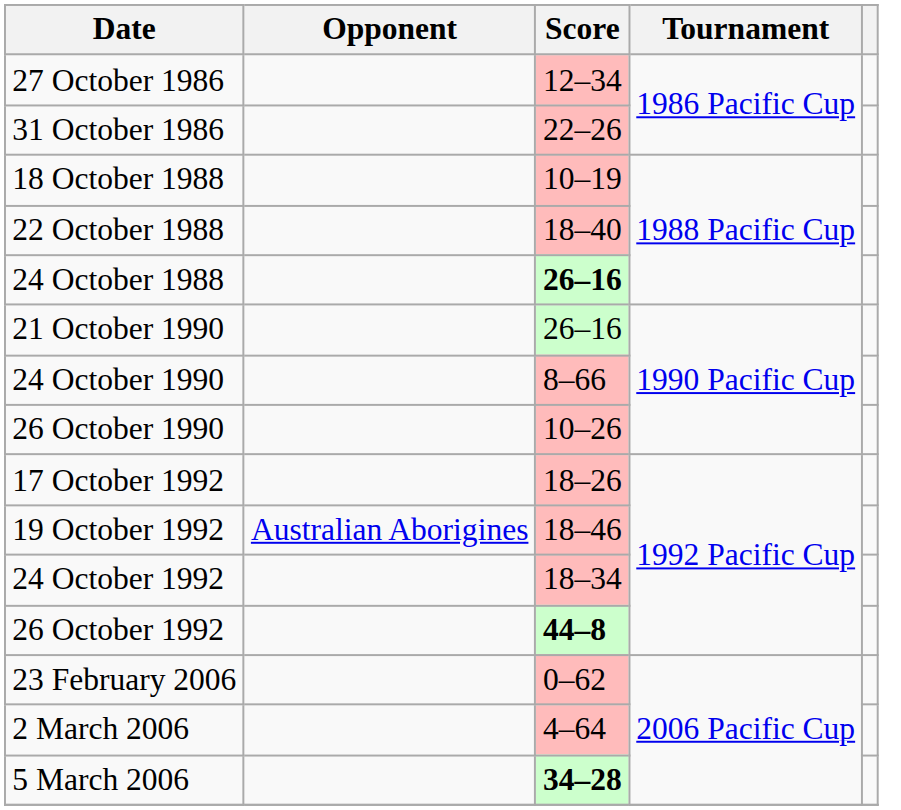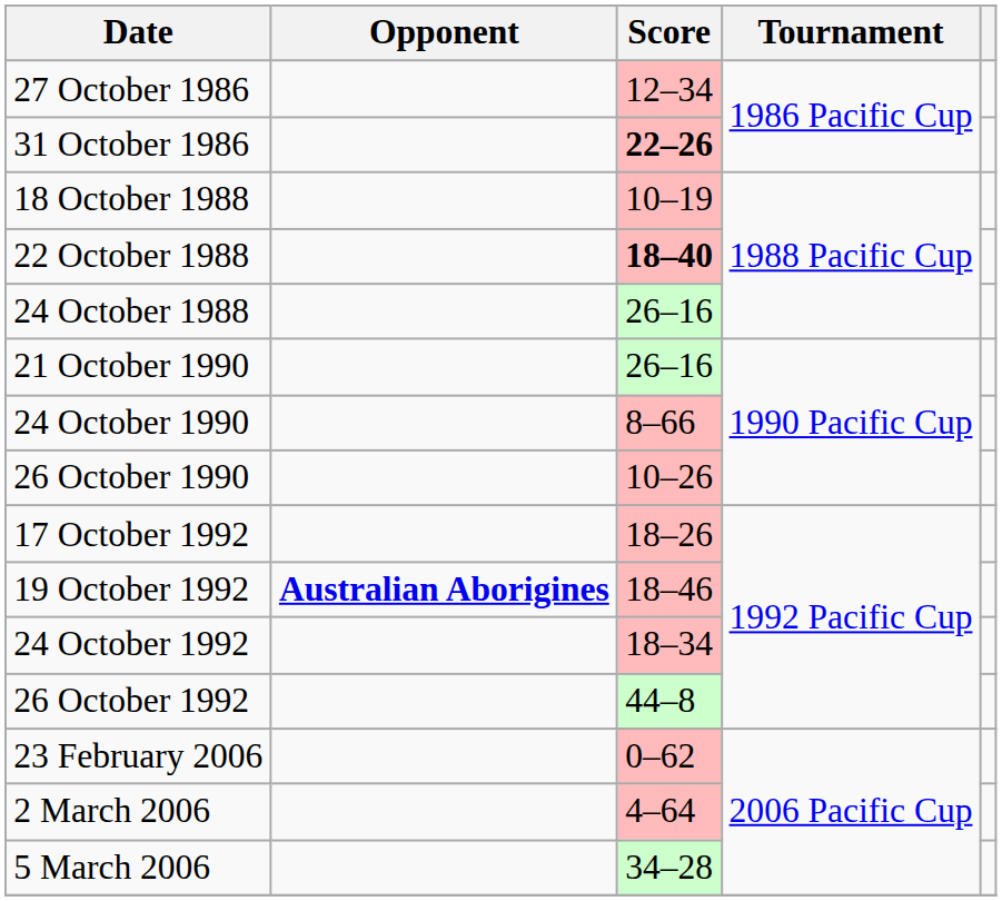 <table class="wikitable defaultcenter col1right col2left">
 <tr>
 <th>Date</th>
 <th>Opponent</th>
 <th>Score</th>
 <th>Tournament</th>
 <th></th>
 </tr>
 <tr>
 <td>27 October 1986</td>
 <td></td>
 <td bgcolor="#FFBBBB">12–34</td>
 <td rowspan=2><a href='#'>1986 Pacific Cup</a></td>
 <td></td>
 </tr>
 <tr>
 <td>31 October 1986</td>
 <td></td>
-<td bgcolor="#FFBBBB">22–26</td>
+<td bgcolor="#FFBBBB"><strong>22–26</strong></td>
 <td></td>
 </tr>
 <tr>
 <td>18 October 1988</td>
 <td></td>
 <td bgcolor="#FFBBBB">10–19</td>
 <td rowspan=3><a href='#'>1988 Pacific Cup</a></td>
 <td></td>
 </tr>
 <tr>
 <td>22 October 1988</td>
 <td></td>
-<td bgcolor="#FFBBBB">18–40</td>
+<td bgcolor="#FFBBBB"><strong>18–40</strong></td>
 <td></td>
 </tr>
 <tr>
 <td>24 October 1988</td>
 <td></td>
-<td bgcolor="#CCFFCC"><strong>26–16</strong></td>
+<td bgcolor="#CCFFCC">26–16</td>
 <td></td>
 </tr>
 <tr>
 <td>21 October 1990</td>
 <td></td>
 <td bgcolor="#CCFFCC">26–16</td>
 <td rowspan=3><a href='#'>1990 Pacific Cup</a></td>
 <td></td>
 </tr>
 <tr>
 <td>24 October 1990</td>
 <td></td>
 <td bgcolor="#FFBBBB">8–66</td>
 <td></td>
 </tr>
 <tr>
 <td>26 October 1990</td>
 <td></td>
 <td bgcolor="#FFBBBB">10–26</td>
 <td></td>
 </tr>
 <tr>
 <td>17 October 1992</td>
 <td></td>
 <td bgcolor="#FFBBBB">18–26</td>
 <td rowspan=4><a href='#'>1992 Pacific Cup</a></td>
 <td></td>
 </tr>
 <tr>
 <td>19 October 1992</td>
-<td> <a href='#'>Australian Aborigines</a></td>
+<td><strong> <a href='#'>Australian Aborigines</a></strong></td>
 <td bgcolor="#FFBBBB">18–46</td>
 <td></td>
 </tr>
 <tr>
 <td>24 October 1992</td>
 <td></td>
 <td bgcolor="#FFBBBB">18–34</td>
 <td></td>
 </tr>
 <tr>
 <td>26 October 1992</td>
 <td></td>
-<td bgcolor="#CCFFCC"><strong>44–8</strong></td>
+<td bgcolor="#CCFFCC">44–8</td>
 <td></td>
 </tr>
 <tr>
 <td>23 February 2006</td>
 <td></td>
 <td bgcolor="#FFBBBB">0–62</td>
 <td rowspan=3><a href='#'>2006 Pacific Cup</a></td>
 <td></td>
 </tr>
 <tr>
 <td>2 March 2006</td>
 <td></td>
 <td bgcolor="#FFBBBB">4–64</td>
 <td></td>
 </tr>
 <tr>
 <td>5 March 2006</td>
 <td></td>
-<td bgcolor="#CCFFCC"><strong>34–28</strong></td>
+<td bgcolor="#CCFFCC">34–28</td>
 <td></td>
 </tr>
 <tr>
 </tr>
 </table>
